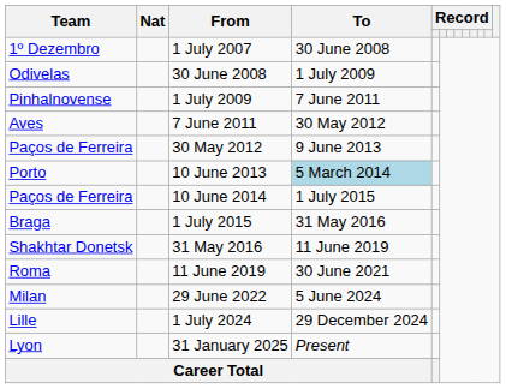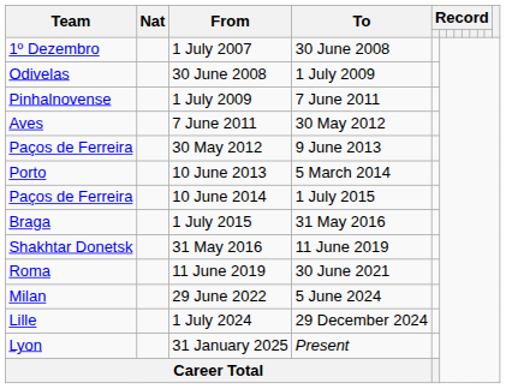 <table class="wikitable" style="text-align: center">
 <tr>
 <th rowspan="2">Team</th>
 <th rowspan="2">Nat</th>
 <th rowspan="2">From</th>
 <th rowspan="2">To</th>
 <th colspan="8">Record</th>
 <th rowspan="2"></th>
 </tr>
 <tr>
 <th></th>
 <th></th>
 <th></th>
 <th></th>
 <th></th>
 <th></th>
 <th></th>
 <th></th>
 </tr>
 <tr>
 <td align="left"><a href='#'>1º Dezembro</a></td>
 <td></td>
 <td align=left>1 July 2007</td>
 <td align=left>30 June 2008<br></td>
 <td></td>
 </tr>
 <tr>
 <td align="left"><a href='#'>Odivelas</a></td>
 <td></td>
 <td align=left>30 June 2008</td>
 <td align=left>1 July 2009<br></td>
 <td></td>
 </tr>
 <tr>
 <td align="left"><a href='#'>Pinhalnovense</a></td>
 <td></td>
 <td align=left>1 July 2009</td>
 <td align=left>7 June 2011<br></td>
 <td></td>
 </tr>
 <tr>
 <td align="left"><a href='#'>Aves</a></td>
 <td></td>
 <td align=left>7 June 2011</td>
 <td align=left>30 May 2012<br></td>
 <td></td>
 </tr>
 <tr>
 <td align="left"><a href='#'>Paços de Ferreira</a></td>
 <td></td>
 <td align=left>30 May 2012</td>
 <td align=left>9 June 2013<br></td>
 <td></td>
 </tr>
 <tr>
 <td align="left"><a href='#'>Porto</a></td>
 <td></td>
 <td align=left>10 June 2013</td>
-<td align=left style="background: lightblue;">5 March 2014<br></td>
+<td align=left>5 March 2014<br></td>
 <td></td>
 </tr>
 <tr>
 <td align="left"><a href='#'>Paços de Ferreira</a></td>
 <td></td>
 <td align=left>10 June 2014</td>
 <td align=left>1 July 2015<br></td>
 <td></td>
 </tr>
 <tr>
 <td align="left"><a href='#'>Braga</a></td>
 <td></td>
 <td align=left>1 July 2015</td>
 <td align=left>31 May 2016<br></td>
 <td></td>
 </tr>
 <tr>
 <td align="left"><a href='#'>Shakhtar Donetsk</a></td>
 <td></td>
 <td align=left>31 May 2016</td>
 <td align=left>11 June 2019<br></td>
 <td></td>
 </tr>
 <tr>
 <td align="left"><a href='#'>Roma</a></td>
 <td></td>
 <td align=left>11 June 2019</td>
 <td align=left>30 June 2021<br></td>
 <td></td>
 </tr>
 <tr>
 <td align="left"><a href='#'>Milan</a></td>
 <td></td>
 <td align=left>29 June 2022</td>
 <td align=left>5 June 2024<br></td>
 <td></td>
 </tr>
 <tr>
 <td align="left"><a href='#'>Lille</a></td>
 <td></td>
 <td align=left>1 July 2024</td>
 <td align=left>29 December 2024<br></td>
 <td></td>
 </tr>
 <tr>
 <td align="left"><a href='#'>Lyon</a></td>
 <td></td>
 <td align=left>31 January 2025</td>
 <td align=left><em>Present</em><br></td>
 <td></td>
 </tr>
 <tr>
 <th colspan="4">Career Total<br></th>
 <th></th>
 </tr>
 </table>
